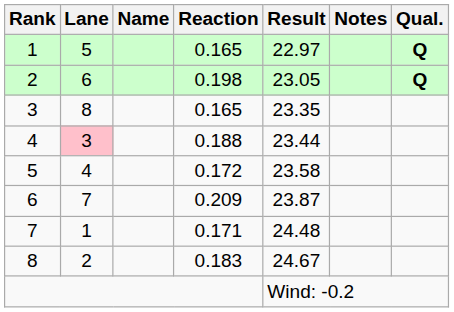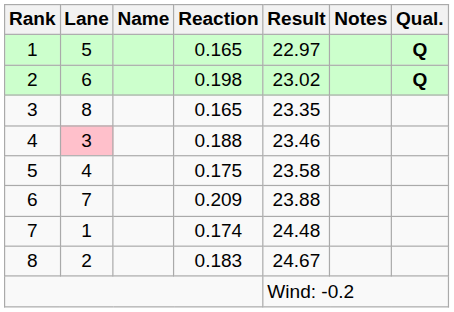 <table class="wikitable sortable" style="text-align:center">
 <tr>
 <th>Rank</th>
 <th>Lane</th>
 <th>Name</th>
 <th>Reaction</th>
 <th>Result</th>
 <th>Notes</th>
 <th>Qual.</th>
 </tr>
 <tr bgcolor=ccffcc>
 <td>1</td>
 <td>5</td>
 <td align="left"></td>
 <td>0.165</td>
 <td>22.97</td>
 <td></td>
 <td><strong>Q</strong></td>
 </tr>
 <tr bgcolor=ccffcc>
 <td>2</td>
 <td>6</td>
 <td align="left"></td>
 <td>0.198</td>
-<td>23.05</td>
+<td>23.02</td>
 <td></td>
 <td><strong>Q</strong></td>
 </tr>
 <tr>
 <td>3</td>
 <td>8</td>
 <td align="left"></td>
 <td>0.165</td>
 <td>23.35</td>
 <td></td>
 <td></td>
 </tr>
 <tr>
 <td>4</td>
 <td style="background: pink;">3</td>
 <td align="left"></td>
 <td>0.188</td>
-<td>23.44</td>
+<td>23.46</td>
 <td></td>
 <td></td>
 </tr>
 <tr>
 <td>5</td>
 <td>4</td>
 <td align="left"></td>
-<td>0.172</td>
+<td>0.175</td>
 <td>23.58</td>
 <td></td>
 <td></td>
 </tr>
 <tr>
 <td>6</td>
 <td>7</td>
 <td align="left"></td>
 <td>0.209</td>
-<td>23.87</td>
+<td>23.88</td>
 <td></td>
 <td></td>
 </tr>
 <tr>
 <td>7</td>
 <td>1</td>
 <td align="left"></td>
-<td>0.171</td>
+<td>0.174</td>
 <td>24.48</td>
 <td></td>
 <td></td>
 </tr>
 <tr>
 <td>8</td>
 <td>2</td>
 <td align="left"></td>
 <td>0.183</td>
 <td>24.67</td>
 <td></td>
 <td></td>
 </tr>
 <tr class="sortbottom">
 <td colspan=4></td>
 <td colspan="3" style="text-align:left;">Wind: -0.2</td>
 </tr>
 </table>
